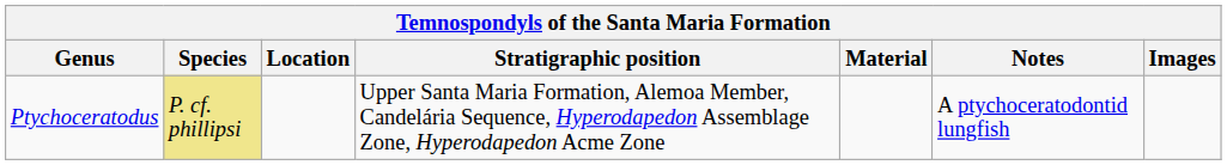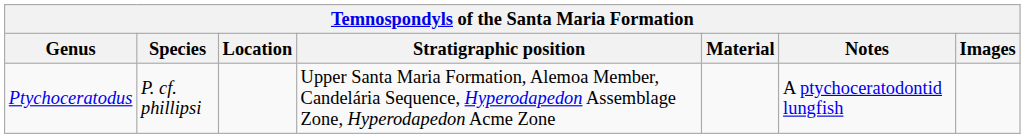 <table class="wikitable" style="margin:auto;">
 <tr>
 <th colspan="7" style="text-align:center;"><a href='#'>Temnospondyls</a> of the Santa Maria Formation</th>
 </tr>
 <tr>
 <th>Genus</th>
 <th>Species</th>
 <th>Location</th>
 <th>Stratigraphic position</th>
 <th>Material</th>
 <th>Notes</th>
 <th>Images</th>
 </tr>
 <tr>
 <td><em><a href='#'>Ptychoceratodus</a></em></td>
-<td style="background: khaki;"><em>P. cf. phillipsi</em></td>
+<td><em>P. cf. phillipsi</em></td>
 <td></td>
 <td>Upper Santa Maria Formation, Alemoa Member, Candelária Sequence, <em><a href='#'>Hyperodapedon</a></em> Assemblage Zone, <em>Hyperodapedon</em> Acme Zone</td>
 <td></td>
 <td>A <a href='#'>ptychoceratodontid</a> <a href='#'>lungfish</a></td>
 <td></td>
 </tr>
 </table>
